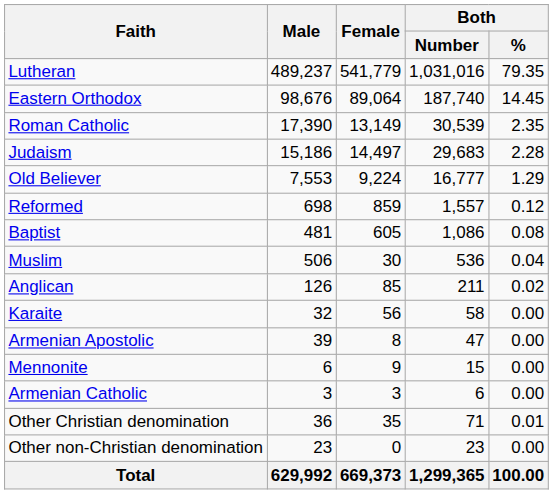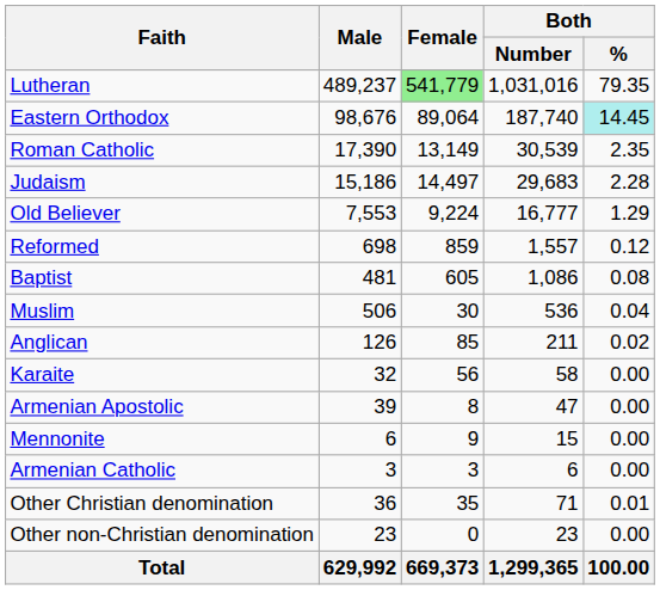 <table class="wikitable sortable">
 <tr>
 <th rowspan="2">Faith</th>
 <th rowspan="2">Male</th>
 <th rowspan="2">Female</th>
 <th colspan="2">Both</th>
 </tr>
 <tr>
 <th>Number</th>
 <th>%</th>
 </tr>
 <tr>
 <td><a href='#'>Lutheran</a></td>
 <td align="right">489,237</td>
-<td align="right">541,779</td>
+<td align="right" style="background: lightgreen;">541,779</td>
 <td align="right">1,031,016</td>
 <td align="right">79.35</td>
 </tr>
 <tr>
 <td><a href='#'>Eastern Orthodox</a></td>
 <td align="right">98,676</td>
 <td align="right">89,064</td>
 <td align="right">187,740</td>
-<td align="right">14.45</td>
+<td align="right" style="background: paleturquoise;">14.45</td>
 </tr>
 <tr>
 <td><a href='#'>Roman Catholic</a></td>
 <td align="right">17,390</td>
 <td align="right">13,149</td>
 <td align="right">30,539</td>
 <td align="right">2.35</td>
 </tr>
 <tr>
 <td><a href='#'>Judaism</a></td>
 <td align="right">15,186</td>
 <td align="right">14,497</td>
 <td align="right">29,683</td>
 <td align="right">2.28</td>
 </tr>
 <tr>
 <td><a href='#'>Old Believer</a></td>
 <td align="right">7,553</td>
 <td align="right">9,224</td>
 <td align="right">16,777</td>
 <td align="right">1.29</td>
 </tr>
 <tr>
 <td><a href='#'>Reformed</a></td>
 <td align="right">698</td>
 <td align="right">859</td>
 <td align="right">1,557</td>
 <td align="right">0.12</td>
 </tr>
 <tr>
 <td><a href='#'>Baptist</a></td>
 <td align="right">481</td>
 <td align="right">605</td>
 <td align="right">1,086</td>
 <td align="right">0.08</td>
 </tr>
 <tr>
 <td><a href='#'>Muslim</a></td>
 <td align="right">506</td>
 <td align="right">30</td>
 <td align="right">536</td>
 <td align="right">0.04</td>
 </tr>
 <tr>
 <td><a href='#'>Anglican</a></td>
 <td align="right">126</td>
 <td align="right">85</td>
 <td align="right">211</td>
 <td align="right">0.02</td>
 </tr>
 <tr>
 <td><a href='#'>Karaite</a></td>
 <td align="right">32</td>
 <td align="right">56</td>
 <td align="right">58</td>
 <td align="right">0.00</td>
 </tr>
 <tr>
 <td><a href='#'>Armenian Apostolic</a></td>
 <td align="right">39</td>
 <td align="right">8</td>
 <td align="right">47</td>
 <td align="right">0.00</td>
 </tr>
 <tr>
 <td><a href='#'>Mennonite</a></td>
 <td align="right">6</td>
 <td align="right">9</td>
 <td align="right">15</td>
 <td align="right">0.00</td>
 </tr>
 <tr>
 <td><a href='#'>Armenian Catholic</a></td>
 <td align="right">3</td>
 <td align="right">3</td>
 <td align="right">6</td>
 <td align="right">0.00</td>
 </tr>
 <tr>
 <td>Other Christian denomination</td>
 <td align="right">36</td>
 <td align="right">35</td>
 <td align="right">71</td>
 <td align="right">0.01</td>
 </tr>
 <tr>
 <td>Other non-Christian denomination</td>
 <td align="right">23</td>
 <td align="right">0</td>
 <td align="right">23</td>
 <td align="right">0.00</td>
 </tr>
 <tr>
 <th>Total</th>
 <th>629,992</th>
 <th>669,373</th>
 <th>1,299,365</th>
 <th>100.00</th>
 </tr>
 </table>
